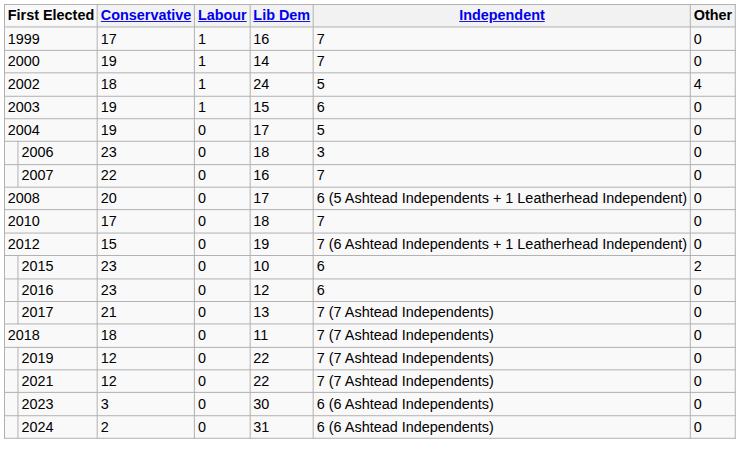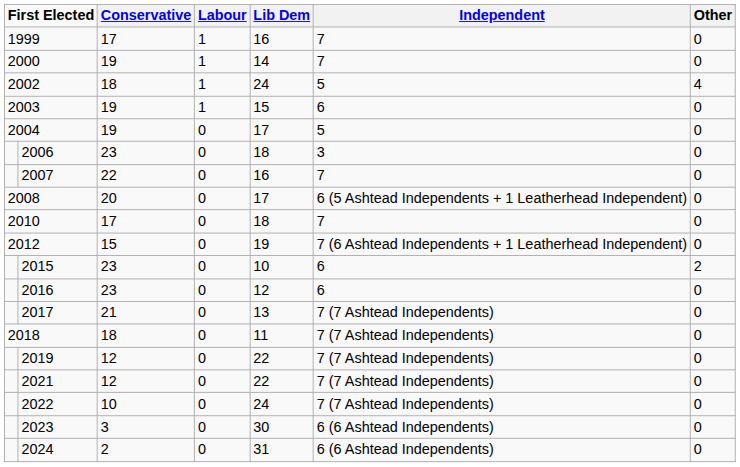 <table class="wikitable">
 <tr>
 <td colspan="2"><strong>First Elected</strong></td>
 <th><a href='#'>Conservative</a></th>
 <th><a href='#'>Labour</a></th>
 <th><a href='#'>Lib Dem</a></th>
 <th><a href='#'>Independent</a></th>
 <th>Other</th>
 </tr>
 <tr>
 <td colspan="2">1999</td>
 <td>17</td>
 <td>1</td>
 <td>16</td>
 <td>7</td>
 <td>0</td>
 </tr>
 <tr>
 <td colspan="2">2000</td>
 <td>19</td>
 <td>1</td>
 <td>14</td>
 <td>7</td>
 <td>0</td>
 </tr>
 <tr>
 <td colspan="2">2002</td>
 <td>18</td>
 <td>1</td>
 <td>24</td>
 <td>5</td>
 <td>4</td>
 </tr>
 <tr>
 <td colspan="2">2003</td>
 <td>19</td>
 <td>1</td>
 <td>15</td>
 <td>6</td>
 <td>0</td>
 </tr>
 <tr>
 <td colspan="2">2004</td>
 <td>19</td>
 <td>0</td>
 <td>17</td>
 <td>5</td>
 <td>0</td>
 </tr>
 <tr>
 <td style="background-color: "></td>
 <td>2006</td>
 <td>23</td>
 <td>0</td>
 <td>18</td>
 <td>3</td>
 <td>0</td>
 </tr>
 <tr>
 <td style="background-color: "></td>
 <td>2007</td>
 <td>22</td>
 <td>0</td>
 <td>16</td>
 <td>7</td>
 <td>0</td>
 </tr>
 <tr>
 <td colspan="2">2008</td>
 <td>20</td>
 <td>0</td>
 <td>17</td>
 <td>6 (5 Ashtead Independents + 1 Leatherhead Independent)</td>
 <td>0</td>
 </tr>
 <tr>
 <td colspan="2">2010</td>
 <td>17</td>
 <td>0</td>
 <td>18</td>
 <td>7</td>
 <td>0</td>
 </tr>
 <tr>
 <td colspan="2">2012</td>
 <td>15</td>
 <td>0</td>
 <td>19</td>
 <td>7 (6 Ashtead Independents + 1 Leatherhead Independent)</td>
 <td>0</td>
 </tr>
 <tr>
 <td style="background-color: "></td>
 <td>2015</td>
 <td>23</td>
 <td>0</td>
 <td>10</td>
 <td>6</td>
 <td>2</td>
 </tr>
 <tr>
 <td style="background-color: "></td>
 <td>2016</td>
 <td>23</td>
 <td>0</td>
 <td>12</td>
 <td>6</td>
 <td>0</td>
 </tr>
 <tr>
 <td style="background-color: "></td>
 <td>2017</td>
 <td>21</td>
 <td>0</td>
 <td>13</td>
 <td>7 (7 Ashtead Independents)</td>
 <td>0</td>
 </tr>
 <tr>
 <td colspan="2">2018</td>
 <td>18</td>
 <td>0</td>
 <td>11</td>
 <td>7 (7 Ashtead Independents)</td>
 <td>0</td>
 </tr>
 <tr>
 <td style="background-color: "></td>
 <td>2019</td>
 <td>12</td>
 <td>0</td>
 <td>22</td>
 <td>7 (7 Ashtead Independents)</td>
 <td>0</td>
 </tr>
 <tr>
 <td style="background-color: "></td>
 <td>2021</td>
 <td>12</td>
 <td>0</td>
 <td>22</td>
 <td>7 (7 Ashtead Independents)</td>
 <td>0</td>
 </tr>
 <tr>
 <td style="background-color: "></td>
+<td>2022</td>
+<td>10</td>
+<td>0</td>
+<td>24</td>
+<td>7 (7 Ashtead Independents)</td>
+<td>0</td>
+</tr>
+<tr>
+<td style="background-color: "></td>
 <td>2023</td>
 <td>3</td>
 <td>0</td>
 <td>30</td>
 <td>6 (6 Ashtead Independents)</td>
 <td>0</td>
 </tr>
 <tr>
 <td style="background-color: "></td>
 <td>2024</td>
 <td>2</td>
 <td>0</td>
 <td>31</td>
 <td>6 (6 Ashtead Independents)</td>
 <td>0</td>
 </tr>
 </table>
